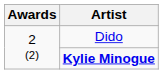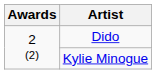 <table class="wikitable" rowspan="2" style="text-align:center;">
 <tr>
 <th scope="col" style="width:55px;">Awards</th>
 <th scope="col" style="text-align:center;">Artist</th>
 </tr>
 <tr>
 <td rowspan="2">2<br><small>(2)</small></td>
 <td><a href='#'>Dido</a></td>
 </tr>
 <tr>
-<td><strong><a href='#'>Kylie Minogue</a></strong></td>
+<td><a href='#'>Kylie Minogue</a></td>
 </tr>
 </table>
